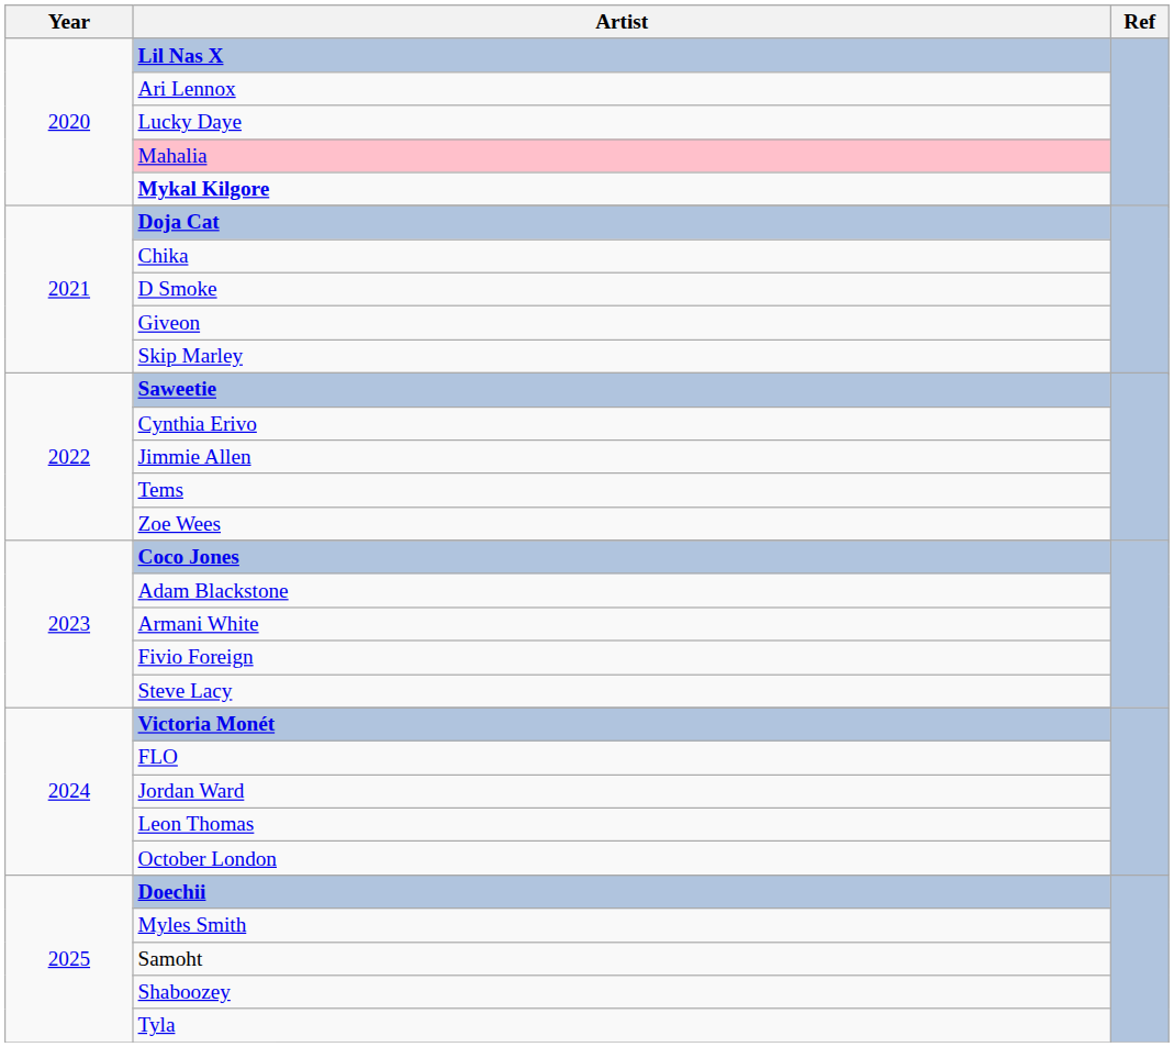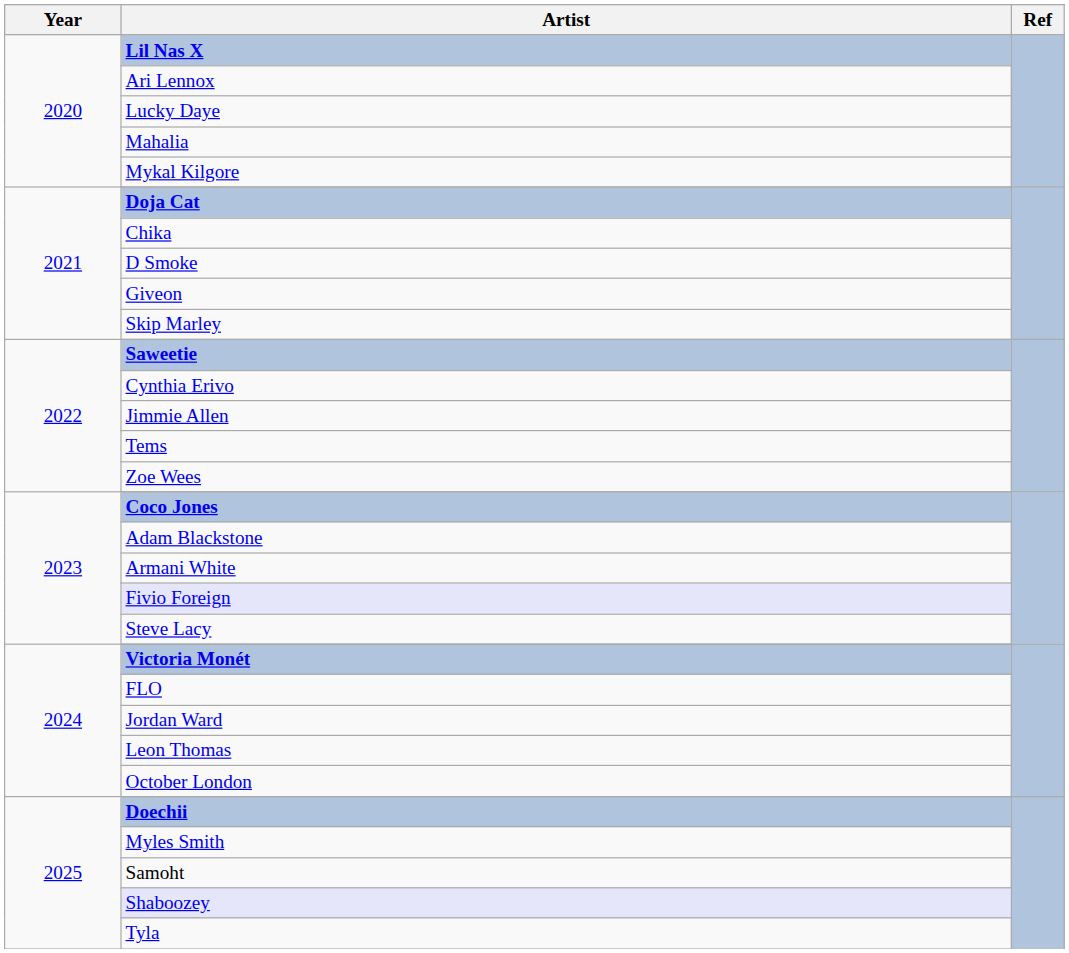 <table class="wikitable" style="width:100%;">
 <tr style="background:#bebebe;">
 <th style="width:11%;">Year</th>
 <th style="width:84%;">Artist</th>
 <th style="width:5%;">Ref</th>
 </tr>
 <tr>
 <td rowspan="6" align="center"><a href='#'>2020</a></td>
 </tr>
 <tr style="background:#B0C4DE">
 <td><strong><a href='#'>Lil Nas X</a></strong></td>
 <td rowspan="6" align="center"></td>
 </tr>
 <tr>
 <td><a href='#'>Ari Lennox</a></td>
 </tr>
 <tr>
 <td><a href='#'>Lucky Daye</a></td>
 </tr>
 <tr>
-<td style="background: pink;"><a href='#'>Mahalia</a></td>
+<td><a href='#'>Mahalia</a></td>
 </tr>
 <tr>
-<td><strong><a href='#'>Mykal Kilgore</a></strong></td>
+<td><a href='#'>Mykal Kilgore</a></td>
 </tr>
 <tr>
 <td rowspan="6" align="center"><a href='#'>2021</a></td>
 </tr>
 <tr style="background:#B0C4DE">
 <td><strong><a href='#'>Doja Cat</a></strong></td>
 <td rowspan="6" align="center"></td>
 </tr>
 <tr>
 <td><a href='#'>Chika</a></td>
 </tr>
 <tr>
 <td><a href='#'>D Smoke</a></td>
 </tr>
 <tr>
 <td><a href='#'>Giveon</a></td>
 </tr>
 <tr>
 <td><a href='#'>Skip Marley</a></td>
 </tr>
 <tr>
 <td rowspan="6" align="center"><a href='#'>2022</a></td>
 </tr>
 <tr style="background:#B0C4DE">
 <td><strong><a href='#'>Saweetie</a></strong></td>
 <td rowspan="6" align="center"></td>
 </tr>
 <tr>
 <td><a href='#'>Cynthia Erivo</a></td>
 </tr>
 <tr>
 <td><a href='#'>Jimmie Allen</a></td>
 </tr>
 <tr>
 <td><a href='#'>Tems</a></td>
 </tr>
 <tr>
 <td><a href='#'>Zoe Wees</a></td>
 </tr>
 <tr>
 <td rowspan="6" align="center"><a href='#'>2023</a></td>
 </tr>
 <tr style="background:#B0C4DE">
 <td><strong><a href='#'>Coco Jones</a></strong></td>
 <td rowspan="6" align="center"></td>
 </tr>
 <tr>
 <td><a href='#'>Adam Blackstone</a></td>
 </tr>
 <tr>
 <td><a href='#'>Armani White</a></td>
 </tr>
 <tr>
-<td><a href='#'>Fivio Foreign</a></td>
+<td style="background: lavender;"><a href='#'>Fivio Foreign</a></td>
 </tr>
 <tr>
 <td><a href='#'>Steve Lacy</a></td>
 </tr>
 <tr>
 <td rowspan="6" align="center"><a href='#'>2024</a></td>
 </tr>
 <tr style="background:#B0C4DE">
 <td><strong><a href='#'>Victoria Monét</a></strong></td>
 <td rowspan="6" align="center"></td>
 </tr>
 <tr>
 <td><a href='#'>FLO</a></td>
 </tr>
 <tr>
 <td><a href='#'>Jordan Ward</a></td>
 </tr>
 <tr>
 <td><a href='#'>Leon Thomas</a></td>
 </tr>
 <tr>
 <td><a href='#'>October London</a></td>
 </tr>
 <tr>
 <td rowspan="6" align="center"><a href='#'>2025</a></td>
 </tr>
 <tr style="background:#B0C4DE">
 <td><strong><a href='#'>Doechii</a></strong></td>
 <td rowspan="6" align="center"></td>
 </tr>
 <tr>
 <td><a href='#'>Myles Smith</a></td>
 </tr>
 <tr>
 <td>Samoht</td>
 </tr>
 <tr>
-<td><a href='#'>Shaboozey</a></td>
+<td style="background: lavender;"><a href='#'>Shaboozey</a></td>
 </tr>
 <tr>
 <td><a href='#'>Tyla</a></td>
 </tr>
 </table>
